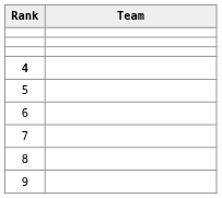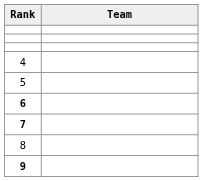 <table style=border-collapse:collapse border=1 cellspacing=1 cellpadding=5>
 <tr align=center bgcolor=#efefef>
 <th width=35>Rank</th>
 <th width=185>Team</th>
 </tr>
 <tr align=center>
 <td></td>
 <td style="text-align:left;"></td>
 </tr>
 <tr align=center>
 <td></td>
 <td style="text-align:left;"></td>
 </tr>
 <tr align=center>
 <td></td>
 <td style="text-align:left;"></td>
 </tr>
 <tr align=center>
-<td><strong>4</strong></td>
+<td>4</td>
 <td style="text-align:left;"></td>
 </tr>
 <tr align=center>
 <td>5</td>
 <td style="text-align:left;"></td>
 </tr>
 <tr align=center>
-<td>6</td>
+<td><strong>6</strong></td>
 <td style="text-align:left;"></td>
 </tr>
 <tr align=center>
-<td>7</td>
+<td><strong>7</strong></td>
 <td style="text-align:left;"></td>
 </tr>
 <tr align=center>
 <td>8</td>
 <td style="text-align:left;"></td>
 </tr>
 <tr align=center>
-<td>9</td>
+<td><strong>9</strong></td>
 <td style="text-align:left;"></td>
 </tr>
 </table>
